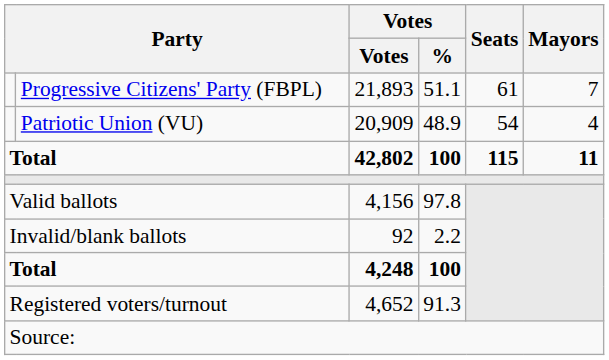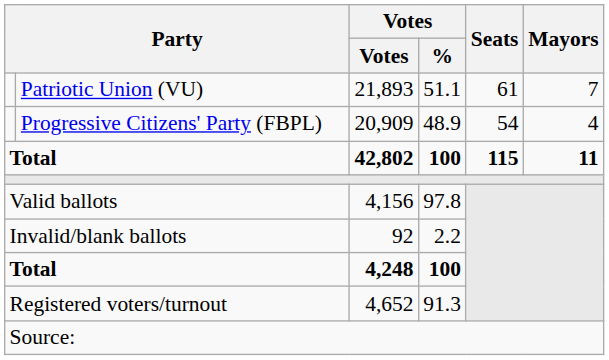 <table class=wikitable style=text-align:right>
 <tr>
 <th colspan=2 rowspan=2 width ='250px'>Party</th>
 <th colspan=2>Votes</th>
 <th colspan=1 rowspan=2>Seats</th>
 <th colspan=1 rowspan=2>Mayors</th>
 </tr>
 <tr>
 <th>Votes</th>
 <th>%</th>
 </tr>
 <tr>
 <td width="1"></td>
-<td align=left><a href='#'>Progressive Citizens' Party</a> (FBPL)</td>
+<td align=left><a href='#'>Patriotic Union</a> (VU)</td>
 <td>21,893</td>
 <td>51.1</td>
 <td>61</td>
 <td>7</td>
 </tr>
 <tr>
 <td width="1"></td>
-<td align=left><a href='#'>Patriotic Union</a> (VU)</td>
+<td align=left><a href='#'>Progressive Citizens' Party</a> (FBPL)</td>
 <td>20,909</td>
 <td>48.9</td>
 <td>54</td>
 <td>4</td>
 </tr>
 <tr>
 <td colspan=2 align=left><strong>Total</strong></td>
 <td><strong>42,802</strong></td>
 <td><strong>100</strong></td>
 <td><strong>115</strong></td>
 <td><strong>11</strong></td>
 </tr>
 <tr>
 <td colspan=9 style="color:inherit;background:#E9E9E9"></td>
 </tr>
 <tr>
 <td colspan=2 align=left>Valid ballots</td>
 <td>4,156</td>
 <td>97.8</td>
 <td colspan=3 rowspan=4 bgcolor=#E9E9E9></td>
 </tr>
 <tr>
 <td colspan=2 align=left>Invalid/blank ballots</td>
 <td>92</td>
 <td>2.2</td>
 </tr>
 <tr>
 <td colspan=2 align=left><strong>Total</strong></td>
 <td><strong>4,248</strong></td>
 <td><strong>100</strong></td>
 </tr>
 <tr>
 <td colspan=2 align=left>Registered voters/turnout</td>
 <td>4,652</td>
 <td>91.3</td>
 </tr>
 <tr>
 <td align=left colspan=9>Source: </td>
 </tr>
 </table>
